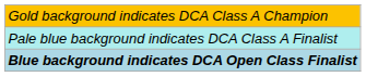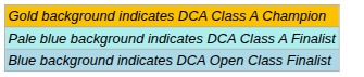 <table class="wikitable" style="font-size:95%;">
 <tr>
 <td style="background-color:#fcc200"><em>Gold background indicates DCA Class A Champion</em></td>
 </tr>
 <tr>
 <td style="background-color:#afeeee"><em>Pale blue background indicates DCA Class A Finalist</em></td>
 </tr>
 <tr>
-<td style="background-color:#add8e6"><strong><em>Blue background indicates DCA Open Class Finalist</em></strong></td>
+<td style="background-color:#add8e6"><em>Blue background indicates DCA Open Class Finalist</em></td>
 </tr>
 </table>
